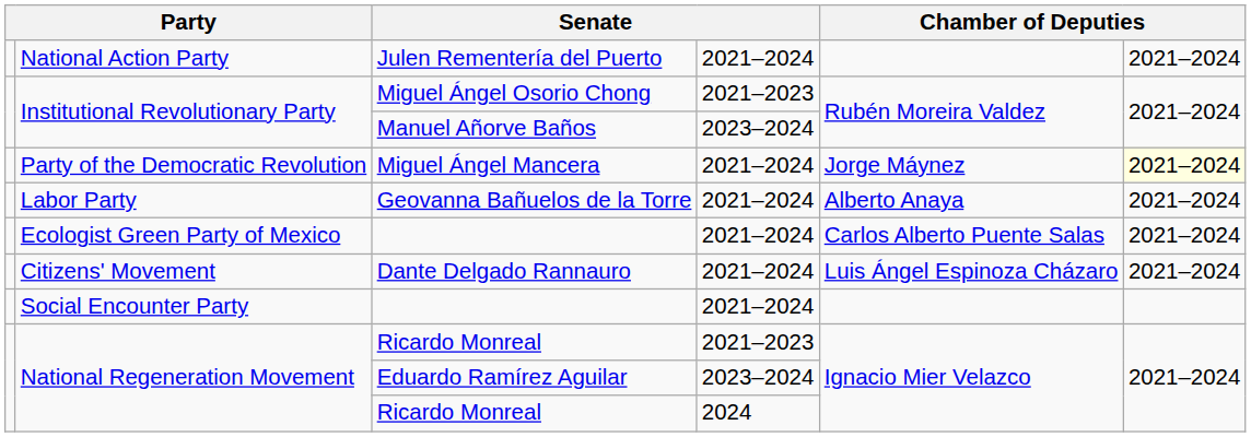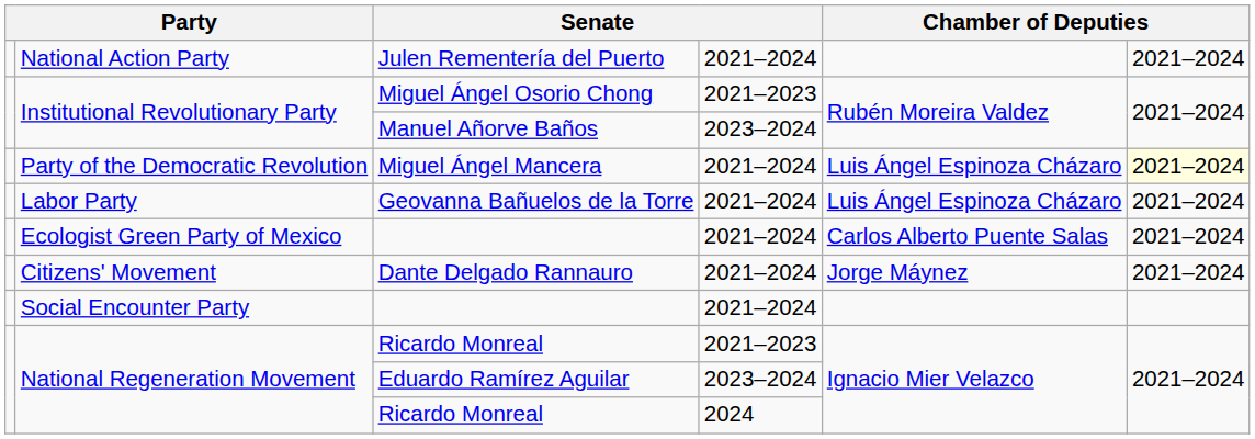 <table class="wikitable">
 <tr>
 <th colspan="2">Party</th>
 <th colspan="2">Senate</th>
 <th colspan="2">Chamber of Deputies</th>
 </tr>
 <tr>
 <td style="background:"></td>
 <td><a href='#'>National Action Party</a></td>
 <td><a href='#'>Julen Rementería del Puerto</a></td>
 <td>2021–2024</td>
 <td></td>
 <td>2021–2024</td>
 </tr>
 <tr>
 <td rowspan="2" style="background:"></td>
 <td rowspan="2"><a href='#'>Institutional Revolutionary Party</a></td>
 <td><a href='#'>Miguel Ángel Osorio Chong</a></td>
 <td>2021–2023</td>
 <td rowspan="2"><a href='#'>Rubén Moreira Valdez</a></td>
 <td rowspan="2">2021–2024</td>
 </tr>
 <tr>
 <td><a href='#'>Manuel Añorve Baños</a></td>
 <td>2023–2024</td>
 </tr>
 <tr>
 <td style="background:"></td>
 <td><a href='#'>Party of the Democratic Revolution</a></td>
 <td><a href='#'>Miguel Ángel Mancera</a></td>
 <td>2021–2024</td>
-<td><a href='#'>Jorge Máynez</a></td>
+<td><a href='#'>Luis Ángel Espinoza Cházaro</a></td>
 <td style="background: lightyellow;">2021–2024</td>
 </tr>
 <tr>
 <td style="background:"></td>
 <td><a href='#'>Labor Party</a></td>
 <td><a href='#'>Geovanna Bañuelos de la Torre</a></td>
 <td>2021–2024</td>
-<td><a href='#'>Alberto Anaya</a></td>
+<td><a href='#'>Luis Ángel Espinoza Cházaro</a></td>
 <td>2021–2024</td>
 </tr>
 <tr>
 <td style="background:"></td>
 <td><a href='#'>Ecologist Green Party of Mexico</a></td>
 <td></td>
 <td>2021–2024</td>
 <td><a href='#'>Carlos Alberto Puente Salas</a></td>
 <td>2021–2024</td>
 </tr>
 <tr>
 <td style="background:"></td>
 <td><a href='#'>Citizens' Movement</a></td>
 <td><a href='#'>Dante Delgado Rannauro</a></td>
 <td>2021–2024</td>
-<td><a href='#'>Luis Ángel Espinoza Cházaro</a></td>
+<td><a href='#'>Jorge Máynez</a></td>
 <td>2021–2024</td>
 </tr>
 <tr>
 <td style="background:"></td>
 <td><a href='#'>Social Encounter Party</a></td>
 <td></td>
 <td>2021–2024</td>
 <td></td>
 <td></td>
 </tr>
 <tr>
 <td rowspan="3" style="background:"></td>
 <td rowspan="3"><a href='#'>National Regeneration Movement</a></td>
 <td><a href='#'>Ricardo Monreal</a></td>
 <td>2021–2023</td>
 <td rowspan="3"><a href='#'>Ignacio Mier Velazco</a></td>
 <td rowspan="3">2021–2024</td>
 </tr>
 <tr>
 <td><a href='#'>Eduardo Ramírez Aguilar</a></td>
 <td>2023–2024</td>
 </tr>
 <tr>
 <td><a href='#'>Ricardo Monreal</a></td>
 <td>2024</td>
 </tr>
 </table>
